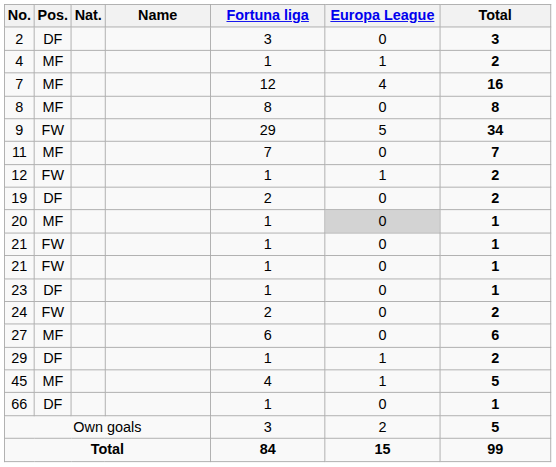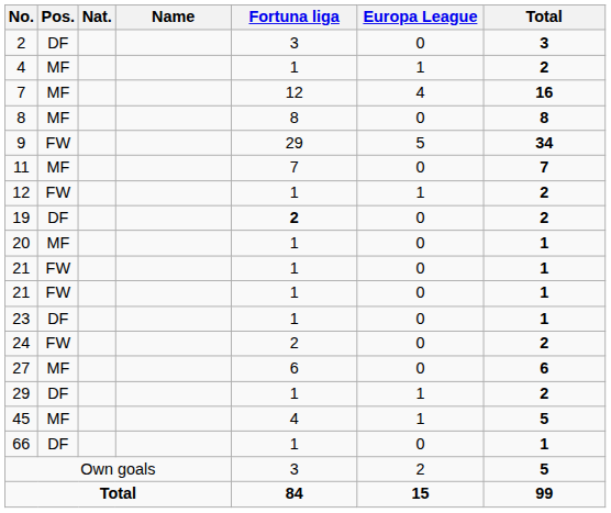 <table class="wikitable sortable" style="text-align:center">
 <tr>
 <th rowspan="1" style="width:20px;">No.</th>
 <th rowspan="1" style="width:20px;">Pos.</th>
 <th rowspan="1" style="width:20px;">Nat.</th>
 <th rowspan="1" style="width:125px;">Name</th>
 <th style="width:135px;"><a href='#'>Fortuna liga</a></th>
 <th style="width:135px;"><a href='#'>Europa League</a></th>
 <th style="width:135px;"><strong>Total</strong></th>
 </tr>
 <tr>
 <td>2</td>
 <td>DF</td>
 <td></td>
 <td align=left></td>
 <td>3</td>
 <td>0</td>
 <td><strong>3</strong></td>
 </tr>
 <tr>
 <td>4</td>
 <td>MF</td>
 <td></td>
 <td align=left></td>
 <td>1</td>
 <td>1</td>
 <td><strong>2</strong></td>
 </tr>
 <tr>
 <td>7</td>
 <td>MF</td>
 <td></td>
 <td align=left></td>
 <td>12</td>
 <td>4</td>
 <td><strong>16</strong></td>
 </tr>
 <tr>
 <td>8</td>
 <td>MF</td>
 <td></td>
 <td align=left></td>
 <td>8</td>
 <td>0</td>
 <td><strong>8</strong></td>
 </tr>
 <tr>
 <td>9</td>
 <td>FW</td>
 <td></td>
 <td align=left></td>
 <td>29</td>
 <td>5</td>
 <td><strong>34</strong></td>
 </tr>
 <tr>
 <td>11</td>
 <td>MF</td>
 <td></td>
 <td align=left></td>
 <td>7</td>
 <td>0</td>
 <td><strong>7</strong></td>
 </tr>
 <tr>
 <td>12</td>
 <td>FW</td>
 <td></td>
 <td align=left></td>
 <td>1</td>
 <td>1</td>
 <td><strong>2</strong></td>
 </tr>
 <tr>
 <td>19</td>
 <td>DF</td>
 <td></td>
 <td align=left></td>
-<td>2</td>
+<td><strong>2</strong></td>
 <td>0</td>
 <td><strong>2</strong></td>
 </tr>
 <tr>
 <td>20</td>
 <td>MF</td>
 <td></td>
 <td align=left></td>
 <td>1</td>
-<td style="background: lightgrey;">0</td>
+<td>0</td>
 <td><strong>1</strong></td>
 </tr>
 <tr>
 <td>21</td>
 <td>FW</td>
 <td></td>
 <td align=left></td>
 <td>1</td>
 <td>0</td>
 <td><strong>1</strong></td>
 </tr>
 <tr>
 <td>21</td>
 <td>FW</td>
 <td></td>
 <td align=left></td>
 <td>1</td>
 <td>0</td>
 <td><strong>1</strong></td>
 </tr>
 <tr>
 <td>23</td>
 <td>DF</td>
 <td></td>
 <td align=left></td>
 <td>1</td>
 <td>0</td>
 <td><strong>1</strong></td>
 </tr>
 <tr>
 <td>24</td>
 <td>FW</td>
 <td></td>
 <td align=left></td>
 <td>2</td>
 <td>0</td>
 <td><strong>2</strong></td>
 </tr>
 <tr>
 <td>27</td>
 <td>MF</td>
 <td></td>
 <td align=left></td>
 <td>6</td>
 <td>0</td>
 <td><strong>6</strong></td>
 </tr>
 <tr>
 <td>29</td>
 <td>DF</td>
 <td></td>
 <td align=left></td>
 <td>1</td>
 <td>1</td>
 <td><strong>2</strong></td>
 </tr>
 <tr>
 <td>45</td>
 <td>MF</td>
 <td></td>
 <td align=left></td>
 <td>4</td>
 <td>1</td>
 <td><strong>5</strong></td>
 </tr>
 <tr>
 <td>66</td>
 <td>DF</td>
 <td></td>
 <td align=left></td>
 <td>1</td>
 <td>0</td>
 <td><strong>1</strong></td>
 </tr>
 <tr>
 <td colspan="4">Own goals</td>
 <td>3</td>
 <td>2</td>
 <td><strong>5</strong></td>
 </tr>
 <tr>
 <td colspan="4"><strong>Total</strong></td>
 <td><strong>84</strong></td>
 <td><strong>15</strong></td>
 <td><strong>99</strong></td>
 </tr>
 </table>
